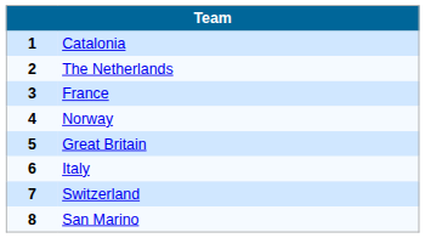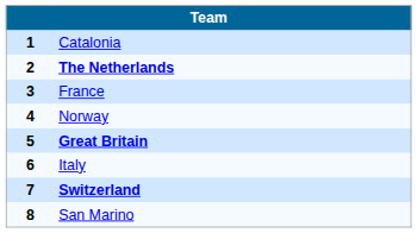 <table align=center cellpadding="4" cellspacing="0" style="background: #f9f9f9; border: 1px #aaa solid; border-collapse: collapse; font-size: 90%;" width=20%>
 <tr align=center style="background:#006699; color:white;">
 <th width=100% colspan=2>Team</th>
 </tr>
 <tr align=center style="background:#D0E7FF;">
 <td><strong>1</strong></td>
 <td align=left> <a href='#'>Catalonia</a></td>
 </tr>
 <tr align=center style="background:#F5FAFF;">
 <td><strong>2</strong></td>
-<td align=left> <a href='#'>The Netherlands</a></td>
+<td align=left><strong> <a href='#'>The Netherlands</a></strong></td>
 </tr>
 <tr align=center style="background:#D0E7FF;">
 <td><strong>3</strong></td>
 <td align=left> <a href='#'>France</a></td>
 </tr>
 <tr align=center style="background:#F5FAFF;">
 <td><strong>4</strong></td>
 <td align=left> <a href='#'>Norway</a></td>
 </tr>
 <tr align=center style="background:#D0E7FF;">
 <td><strong>5</strong></td>
-<td align=left> <a href='#'>Great Britain</a></td>
+<td align=left><strong> <a href='#'>Great Britain</a></strong></td>
 </tr>
 <tr align=center style="background:#F5FAFF;">
 <td><strong>6</strong></td>
 <td align=left> <a href='#'>Italy</a></td>
 </tr>
 <tr align=center style="background:#D0E7FF;">
 <td><strong>7</strong></td>
-<td align=left> <a href='#'>Switzerland</a></td>
+<td align=left><strong> <a href='#'>Switzerland</a></strong></td>
 </tr>
 <tr align=center style="background:#F5FAFF;">
 <td><strong>8</strong></td>
 <td align=left> <a href='#'>San Marino</a></td>
 </tr>
 </table>
